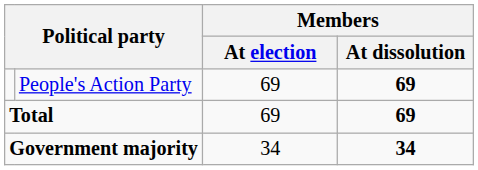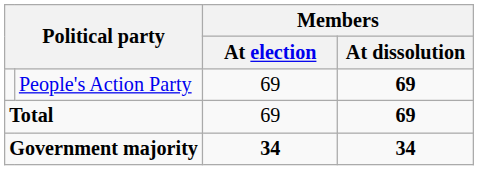 <table class="wikitable" border="1">
 <tr>
 <th rowspan="2" colspan="2">Political party</th>
 <th colspan="2">Members</th>
 </tr>
 <tr>
 <th width="100px">At <a href='#'>election</a></th>
 <th width="100px">At dissolution</th>
 </tr>
 <tr>
 <td></td>
 <td scope="row"><a href='#'>People's Action Party</a></td>
 <td align="center">69</td>
 <td align="center"><strong>69</strong></td>
 </tr>
 <tr>
 <td colspan="2"><strong>Total</strong></td>
 <td align="center">69</td>
 <td align="center"><strong>69</strong></td>
 </tr>
 <tr>
 <td colspan="2"><strong>Government majority</strong></td>
-<td align="center">34</td>
+<td align="center"><strong>34</strong></td>
 <td align="center"><strong>34</strong></td>
 </tr>
 </table>
